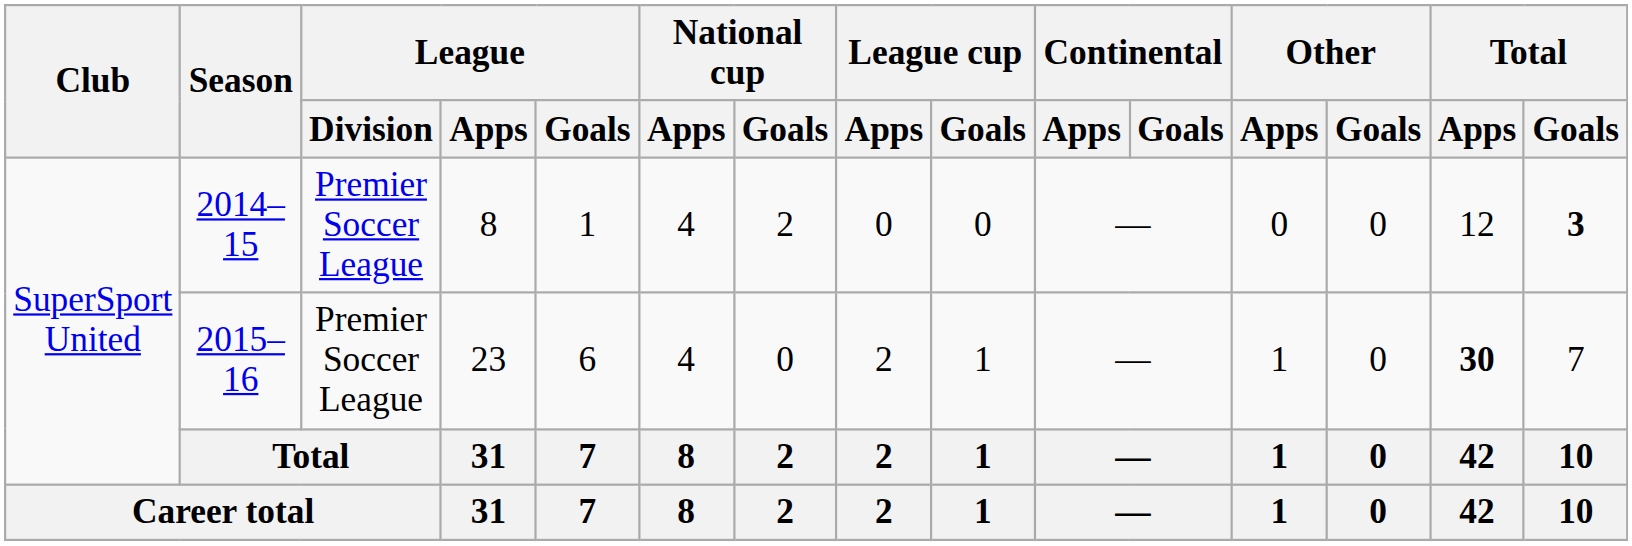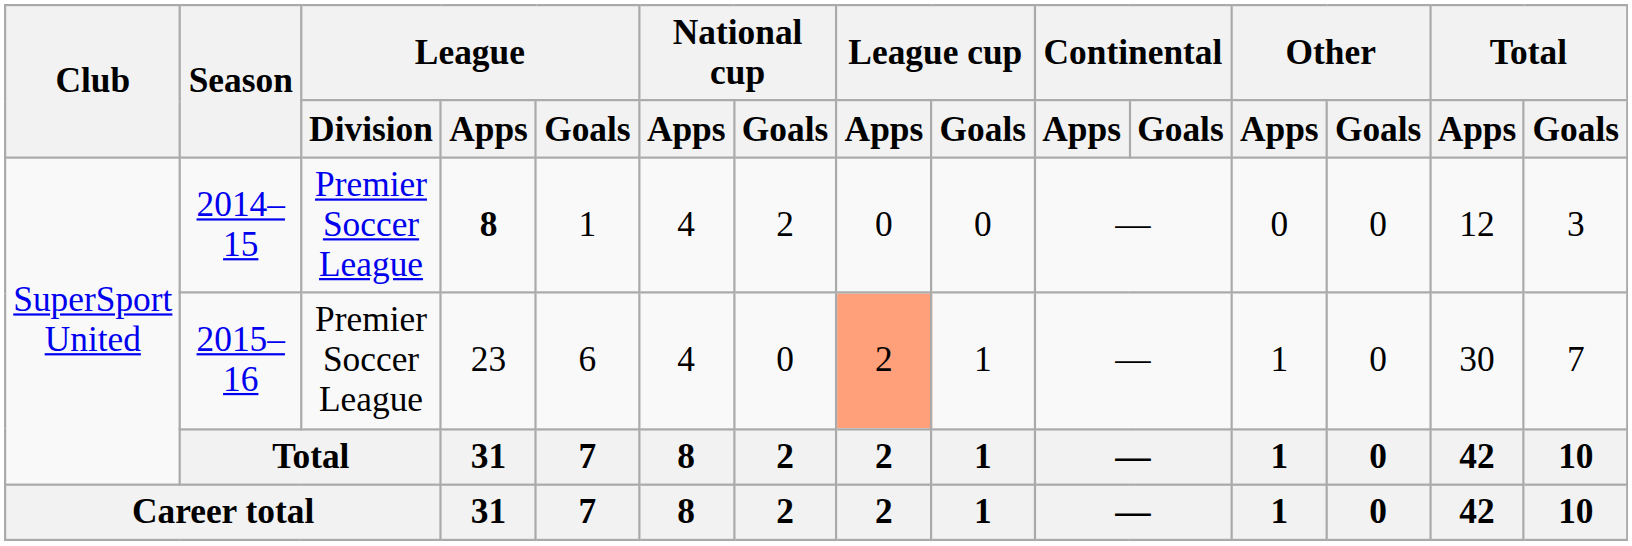 <table class="wikitable" style="text-align:center">
 <tr>
 <th rowspan="2">Club</th>
 <th rowspan="2">Season</th>
 <th colspan="3">League</th>
 <th colspan="2">National cup</th>
 <th colspan="2">League cup</th>
 <th colspan="2">Continental</th>
 <th colspan="2">Other</th>
 <th colspan="2">Total</th>
 </tr>
 <tr>
 <th>Division</th>
 <th>Apps</th>
 <th>Goals</th>
 <th>Apps</th>
 <th>Goals</th>
 <th>Apps</th>
 <th>Goals</th>
 <th>Apps</th>
 <th>Goals</th>
 <th>Apps</th>
 <th>Goals</th>
 <th>Apps</th>
 <th>Goals</th>
 </tr>
 <tr>
 <td rowspan="3"><a href='#'>SuperSport United</a></td>
 <td><a href='#'>2014–15</a></td>
 <td><a href='#'>Premier Soccer League</a></td>
-<td>8</td>
+<td><strong>8</strong></td>
 <td>1</td>
 <td>4</td>
 <td>2</td>
 <td>0</td>
 <td>0</td>
 <td colspan="2">—</td>
 <td>0</td>
 <td>0</td>
 <td>12</td>
-<td><strong>3</strong></td>
+<td>3</td>
 </tr>
 <tr>
 <td><a href='#'>2015–16</a></td>
 <td>Premier Soccer League</td>
 <td>23</td>
 <td>6</td>
 <td>4</td>
 <td>0</td>
-<td>2</td>
+<td style="background: lightsalmon;">2</td>
 <td>1</td>
 <td colspan="2">—</td>
 <td>1</td>
 <td>0</td>
-<td><strong>30</strong></td>
+<td>30</td>
 <td>7</td>
 </tr>
 <tr>
 <th colspan="2">Total</th>
 <th>31</th>
 <th>7</th>
 <th>8</th>
 <th>2</th>
 <th>2</th>
 <th>1</th>
 <th colspan="2">—</th>
 <th>1</th>
 <th>0</th>
 <th>42</th>
 <th>10</th>
 </tr>
 <tr>
 <th colspan="3">Career total</th>
 <th>31</th>
 <th>7</th>
 <th>8</th>
 <th>2</th>
 <th>2</th>
 <th>1</th>
 <th colspan="2">—</th>
 <th>1</th>
 <th>0</th>
 <th>42</th>
 <th>10</th>
 </tr>
 </table>
